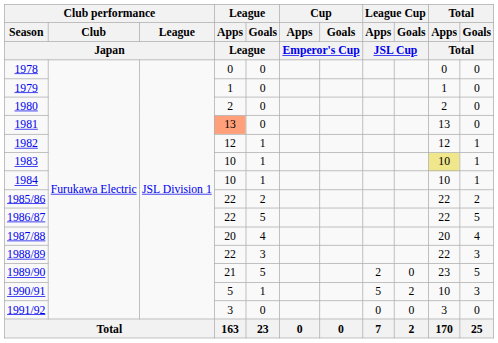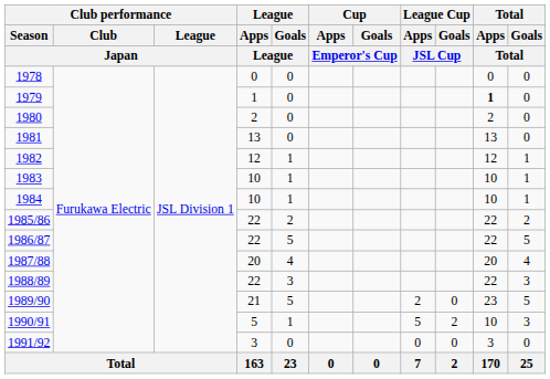 <table class="wikitable" style="text-align:center;">
 <tr>
 <th colspan=3>Club performance</th>
 <th colspan=2>League</th>
 <th colspan=2>Cup</th>
 <th colspan=2>League Cup</th>
 <th colspan=2>Total</th>
 </tr>
 <tr>
 <th>Season</th>
 <th>Club</th>
 <th>League</th>
 <th>Apps</th>
 <th>Goals</th>
 <th>Apps</th>
 <th>Goals</th>
 <th>Apps</th>
 <th>Goals</th>
 <th>Apps</th>
 <th>Goals</th>
 </tr>
 <tr>
 <th colspan=3>Japan</th>
 <th colspan=2>League</th>
 <th colspan=2><a href='#'>Emperor's Cup</a></th>
 <th colspan=2><a href='#'>JSL Cup</a></th>
 <th colspan=2>Total</th>
 </tr>
 <tr>
 <td><a href='#'>1978</a></td>
 <td rowspan="14"><a href='#'>Furukawa Electric</a></td>
 <td rowspan="14"><a href='#'>JSL Division 1</a></td>
 <td>0</td>
 <td>0</td>
 <td></td>
 <td></td>
 <td></td>
 <td></td>
 <td>0</td>
 <td>0</td>
 </tr>
 <tr>
 <td><a href='#'>1979</a></td>
 <td>1</td>
 <td>0</td>
 <td></td>
 <td></td>
 <td></td>
 <td></td>
-<td>1</td>
+<td><strong>1</strong></td>
 <td>0</td>
 </tr>
 <tr>
 <td><a href='#'>1980</a></td>
 <td>2</td>
 <td>0</td>
 <td></td>
 <td></td>
 <td></td>
 <td></td>
 <td>2</td>
 <td>0</td>
 </tr>
 <tr>
 <td><a href='#'>1981</a></td>
-<td style="background: lightsalmon;">13</td>
+<td>13</td>
 <td>0</td>
 <td></td>
 <td></td>
 <td></td>
 <td></td>
 <td>13</td>
 <td>0</td>
 </tr>
 <tr>
 <td><a href='#'>1982</a></td>
 <td>12</td>
 <td>1</td>
 <td></td>
 <td></td>
 <td></td>
 <td></td>
 <td>12</td>
 <td>1</td>
 </tr>
 <tr>
 <td><a href='#'>1983</a></td>
 <td>10</td>
 <td>1</td>
 <td></td>
 <td></td>
 <td></td>
 <td></td>
-<td style="background: khaki;">10</td>
+<td>10</td>
 <td>1</td>
 </tr>
 <tr>
 <td><a href='#'>1984</a></td>
 <td>10</td>
 <td>1</td>
 <td></td>
 <td></td>
 <td></td>
 <td></td>
 <td>10</td>
 <td>1</td>
 </tr>
 <tr>
 <td><a href='#'>1985/86</a></td>
 <td>22</td>
 <td>2</td>
 <td></td>
 <td></td>
 <td></td>
 <td></td>
 <td>22</td>
 <td>2</td>
 </tr>
 <tr>
 <td><a href='#'>1986/87</a></td>
 <td>22</td>
 <td>5</td>
 <td></td>
 <td></td>
 <td></td>
 <td></td>
 <td>22</td>
 <td>5</td>
 </tr>
 <tr>
 <td><a href='#'>1987/88</a></td>
 <td>20</td>
 <td>4</td>
 <td></td>
 <td></td>
 <td></td>
 <td></td>
 <td>20</td>
 <td>4</td>
 </tr>
 <tr>
 <td><a href='#'>1988/89</a></td>
 <td>22</td>
 <td>3</td>
 <td></td>
 <td></td>
 <td></td>
 <td></td>
 <td>22</td>
 <td>3</td>
 </tr>
 <tr>
 <td><a href='#'>1989/90</a></td>
 <td>21</td>
 <td>5</td>
 <td></td>
 <td></td>
 <td>2</td>
 <td>0</td>
 <td>23</td>
 <td>5</td>
 </tr>
 <tr>
 <td><a href='#'>1990/91</a></td>
 <td>5</td>
 <td>1</td>
 <td></td>
 <td></td>
 <td>5</td>
 <td>2</td>
 <td>10</td>
 <td>3</td>
 </tr>
 <tr>
 <td><a href='#'>1991/92</a></td>
 <td>3</td>
 <td>0</td>
 <td></td>
 <td></td>
 <td>0</td>
 <td>0</td>
 <td>3</td>
 <td>0</td>
 </tr>
 <tr>
 <th colspan=3>Total</th>
 <th>163</th>
 <th>23</th>
 <th>0</th>
 <th>0</th>
 <th>7</th>
 <th>2</th>
 <th>170</th>
 <th>25</th>
 </tr>
 </table>
